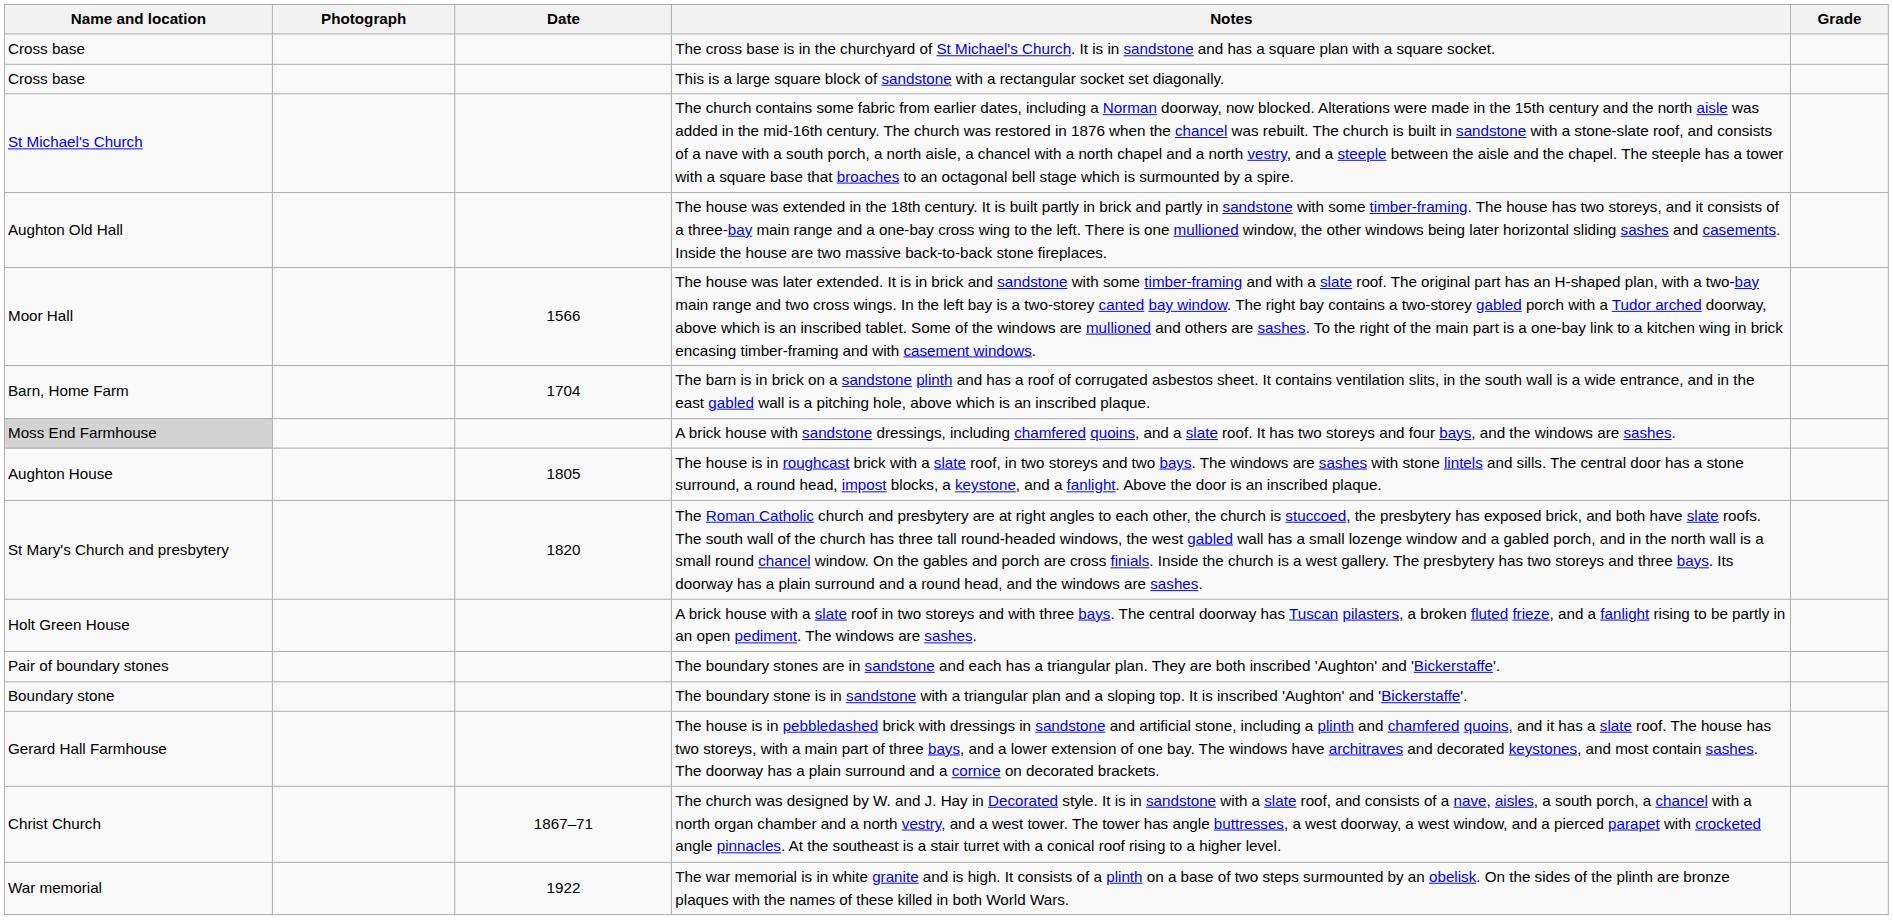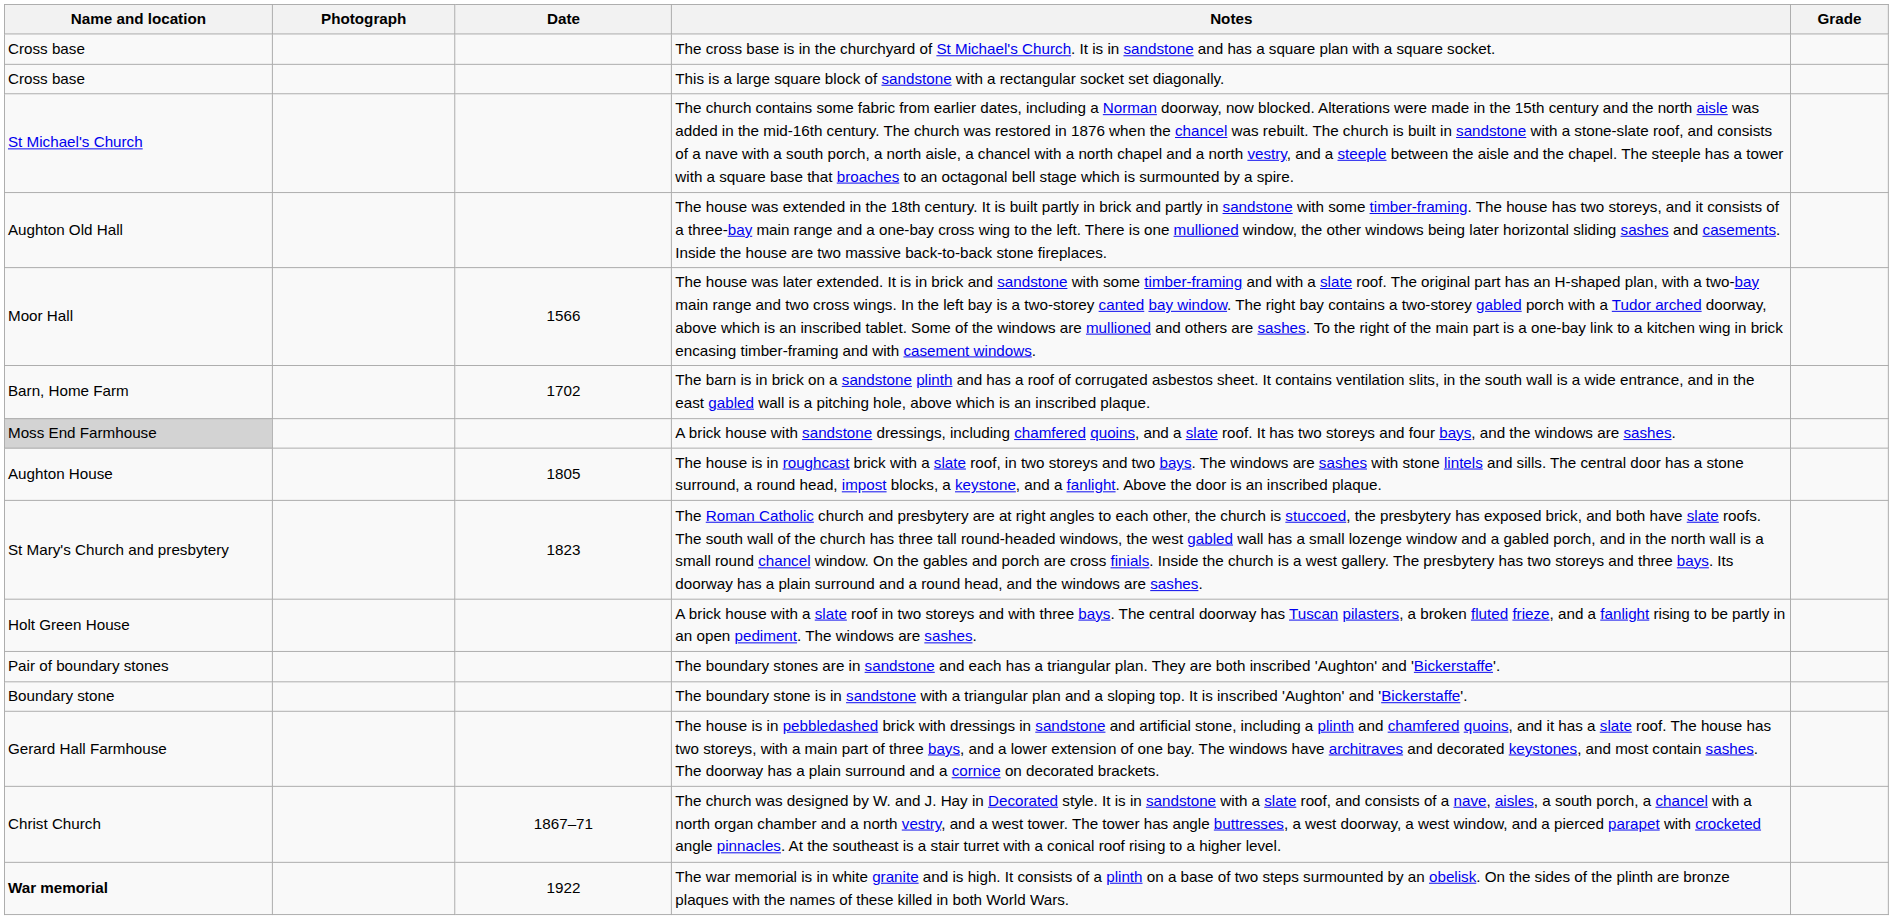 <table class="wikitable sortable plainrowheaders" style="width:100%;border:0px;text-align:left;line-height:150%;">
 <tr>
 <th scope="col"  style="width:150px">Name and location</th>
 <th scope="col"  style="width:100px" class="unsortable">Photograph</th>
 <th scope="col"  style="width:120px">Date</th>
 <th scope="col"  style="width:650px" class="unsortable">Notes</th>
 <th scope="col"  style="width:50px">Grade</th>
 </tr>
 <tr>
 <td>Cross base<br><small></small></td>
 <td></td>
 <td align="center"></td>
 <td>The cross base is in the churchyard of <a href='#'>St Michael's Church</a>.  It is in <a href='#'>sandstone</a> and has a square plan with a square socket.</td>
 <td align="center" ></td>
 </tr>
 <tr>
 <td>Cross base<br><small></small></td>
 <td></td>
 <td align="center"></td>
 <td>This is a large square block of <a href='#'>sandstone</a> with a rectangular socket set diagonally.</td>
 <td align="center" ></td>
 </tr>
 <tr>
 <td><a href='#'>St Michael's Church</a><br><small></small></td>
 <td></td>
 <td align="center"></td>
 <td>The church contains some fabric from earlier dates, including a <a href='#'>Norman</a> doorway, now blocked.  Alterations were made in the 15th century and the north <a href='#'>aisle</a> was added in the mid-16th century.  The church was restored in 1876 when the <a href='#'>chancel</a> was rebuilt.  The church is built in <a href='#'>sandstone</a> with a stone-slate roof, and consists of a nave with a south porch, a north aisle, a chancel with a north chapel and a north <a href='#'>vestry</a>, and a <a href='#'>steeple</a> between the aisle and the chapel.  The steeple has a tower with a square base that <a href='#'>broaches</a> to an octagonal bell stage which is surmounted by a spire.</td>
 <td align="center" ></td>
 </tr>
 <tr>
 <td>Aughton Old Hall<br><small></small></td>
 <td></td>
 <td align="center"></td>
 <td>The house was extended in the 18th century.  It is built partly in brick and partly in <a href='#'>sandstone</a> with some <a href='#'>timber-framing</a>.  The house has two storeys, and it consists of a three-<a href='#'>bay</a> main range and a one-bay cross wing to the left.  There is one <a href='#'>mullioned</a> window, the other windows being later horizontal sliding <a href='#'>sashes</a> and <a href='#'>casements</a>.  Inside the house are two massive back-to-back stone fireplaces.</td>
 <td align="center" ></td>
 </tr>
 <tr>
 <td>Moor Hall<br><small></small></td>
 <td></td>
 <td align="center">1566</td>
 <td>The house was later extended.  It is in brick and <a href='#'>sandstone</a> with some <a href='#'>timber-framing</a> and with a <a href='#'>slate</a> roof.  The original part has an H-shaped plan, with a two-<a href='#'>bay</a> main range and two cross wings.  In the left bay is a two-storey <a href='#'>canted</a> <a href='#'>bay window</a>.  The right bay contains a two-storey <a href='#'>gabled</a> porch with a <a href='#'>Tudor arched</a> doorway, above which is an inscribed tablet.  Some of the windows are <a href='#'>mullioned</a> and others are <a href='#'>sashes</a>.  To the right of the main part is a one-bay link to a kitchen wing in brick encasing timber-framing and with <a href='#'>casement windows</a>.</td>
 <td align="center" ></td>
 </tr>
 <tr>
 <td>Barn, Home Farm<br><small></small></td>
 <td></td>
-<td align="center">1704</td>
+<td align="center">1702</td>
 <td>The barn is in brick on a <a href='#'>sandstone</a> <a href='#'>plinth</a> and has a roof of corrugated asbestos sheet.  It contains ventilation slits, in the south wall is a wide entrance, and in the east <a href='#'>gabled</a> wall is a pitching hole, above which is an inscribed plaque.</td>
 <td align="center" ></td>
 </tr>
 <tr>
 <td style="background: lightgrey;">Moss End Farmhouse<br><small></small></td>
 <td></td>
 <td align="center"></td>
 <td>A brick house with <a href='#'>sandstone</a> dressings, including <a href='#'>chamfered</a> <a href='#'>quoins</a>, and a <a href='#'>slate</a> roof.  It has two storeys and four <a href='#'>bays</a>, and the windows are <a href='#'>sashes</a>.</td>
 <td align="center" ></td>
 </tr>
 <tr>
 <td>Aughton House<br><small></small></td>
 <td></td>
 <td align="center">1805</td>
 <td>The house is in <a href='#'>roughcast</a> brick with a <a href='#'>slate</a> roof, in two storeys and two <a href='#'>bays</a>.  The windows are <a href='#'>sashes</a> with stone <a href='#'>lintels</a> and sills.  The central door has a stone surround, a round head, <a href='#'>impost</a> blocks, a <a href='#'>keystone</a>, and a <a href='#'>fanlight</a>.  Above the door is an inscribed plaque.</td>
 <td align="center" ></td>
 </tr>
 <tr>
 <td>St Mary's Church and presbytery<br><small></small></td>
 <td></td>
-<td align="center">1820</td>
+<td align="center">1823</td>
 <td>The <a href='#'>Roman Catholic</a> church and presbytery are at right angles to each other, the church is <a href='#'>stuccoed</a>, the presbytery has exposed brick, and both have <a href='#'>slate</a> roofs.  The south wall of the church has three tall round-headed windows, the west <a href='#'>gabled</a> wall has a small lozenge window and a gabled porch, and in the north wall is a small round <a href='#'>chancel</a> window.  On the gables and porch are cross <a href='#'>finials</a>.  Inside the church is a west gallery.  The presbytery has two storeys and three <a href='#'>bays</a>.  Its doorway has a plain surround and a round head, and the windows are <a href='#'>sashes</a>.</td>
 <td align="center" ></td>
 </tr>
 <tr>
 <td>Holt Green House<br><small></small></td>
 <td></td>
 <td align="center"></td>
 <td>A brick house with a <a href='#'>slate</a> roof in two storeys and with three <a href='#'>bays</a>.  The central doorway has <a href='#'>Tuscan</a> <a href='#'>pilasters</a>, a broken <a href='#'>fluted</a> <a href='#'>frieze</a>, and a <a href='#'>fanlight</a> rising to be partly in an open <a href='#'>pediment</a>.  The windows are <a href='#'>sashes</a>.</td>
 <td align="center" ></td>
 </tr>
 <tr>
 <td>Pair of boundary stones<br><small></small></td>
 <td></td>
 <td align="center"></td>
 <td>The boundary stones are in <a href='#'>sandstone</a> and each has a triangular plan.  They are both inscribed 'Aughton' and '<a href='#'>Bickerstaffe</a>'.</td>
 <td align="center" ></td>
 </tr>
 <tr>
 <td>Boundary stone<br><small></small></td>
 <td></td>
 <td align="center"></td>
 <td>The boundary stone is in <a href='#'>sandstone</a> with a triangular plan and a sloping top.  It is inscribed 'Aughton' and '<a href='#'>Bickerstaffe</a>'.</td>
 <td align="center" ></td>
 </tr>
 <tr>
 <td>Gerard Hall Farmhouse<br><small></small></td>
 <td></td>
 <td align="center"></td>
 <td>The house is in <a href='#'>pebbledashed</a> brick with dressings in <a href='#'>sandstone</a> and artificial stone, including a <a href='#'>plinth</a> and <a href='#'>chamfered</a> <a href='#'>quoins</a>, and it has a <a href='#'>slate</a> roof.  The house has two storeys, with a main part of three <a href='#'>bays</a>, and a lower extension of one bay.  The windows have <a href='#'>architraves</a> and decorated <a href='#'>keystones</a>, and most contain <a href='#'>sashes</a>.  The doorway has a plain surround and a <a href='#'>cornice</a> on decorated brackets.</td>
 <td align="center" ></td>
 </tr>
 <tr>
 <td>Christ Church<br><small></small></td>
 <td></td>
 <td align="center">1867–71</td>
 <td>The church was designed by W. and J. Hay in <a href='#'>Decorated</a> style. It is in <a href='#'>sandstone</a> with a <a href='#'>slate</a> roof, and consists of a <a href='#'>nave</a>, <a href='#'>aisles</a>, a south porch, a <a href='#'>chancel</a> with a north organ chamber and a north <a href='#'>vestry</a>, and a west tower.  The tower has angle <a href='#'>buttresses</a>, a west doorway, a west window, and a pierced <a href='#'>parapet</a> with <a href='#'>crocketed</a> angle <a href='#'>pinnacles</a>.  At the southeast is a stair turret with a conical roof rising to a higher level.</td>
 <td align="center" ></td>
 </tr>
 <tr>
-<td>War memorial<br><small></small></td>
+<td><strong>War memorial<br><small></small></strong></td>
 <td></td>
 <td align="center">1922</td>
 <td>The war memorial is in white <a href='#'>granite</a> and is  high.  It consists of a <a href='#'>plinth</a> on a base of two steps surmounted by an <a href='#'>obelisk</a>.  On the sides of the plinth are bronze plaques with the names of these killed in both World Wars.</td>
 <td align="center" ></td>
 </tr>
 <tr>
 </tr>
 </table>
